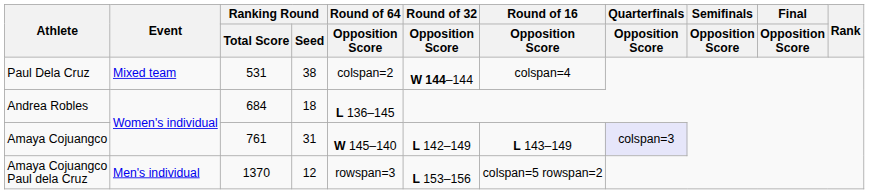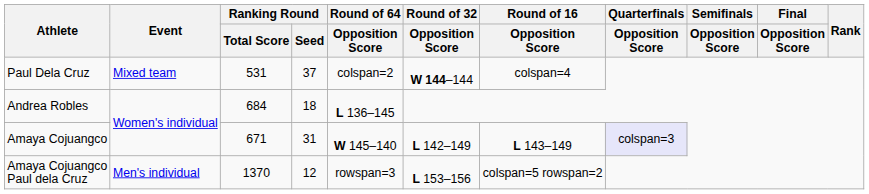 <table class="wikitable" style="font-size:90%; text-align:center">
 <tr>
 <th rowspan=2>Athlete</th>
 <th rowspan=2>Event</th>
 <th colspan=2>Ranking Round</th>
 <th>Round of 64</th>
 <th>Round of 32</th>
 <th>Round of 16</th>
 <th>Quarterfinals</th>
 <th>Semifinals</th>
 <th>Final</th>
 <th rowspan=2>Rank</th>
 </tr>
 <tr>
 <th>Total Score</th>
 <th>Seed</th>
 <th>Opposition<br>Score</th>
 <th>Opposition<br>Score</th>
 <th>Opposition<br>Score</th>
 <th>Opposition<br>Score</th>
 <th>Opposition<br>Score</th>
 <th>Opposition<br>Score</th>
 </tr>
 <tr>
 <td align=left>Paul Dela Cruz</td>
 <td align=left><a href='#'>Mixed team</a></td>
 <td>531</td>
-<td>38</td>
+<td>37</td>
 <td>colspan=2 </td>
 <td><br><strong>W</strong> <strong>144</strong>–144</td>
 <td>colspan=4 </td>
 </tr>
 <tr>
 <td align=left>Andrea Robles</td>
 <td rowspan=2 align=left><a href='#'>Women's individual</a></td>
 <td>684</td>
 <td>18</td>
 <td><br><strong>L</strong> 136–145</td>
 </tr>
 <tr>
 <td align=left>Amaya Cojuangco</td>
-<td>761</td>
+<td>671</td>
 <td>31</td>
 <td><br><strong>W</strong> 145–140</td>
 <td><br><strong>L</strong> 142–149</td>
 <td><br><strong>L</strong> 143–149</td>
 <td style="background: lavender;">colspan=3 </td>
 </tr>
 <tr>
 <td align=left>Amaya Cojuangco<br>Paul dela Cruz</td>
 <td align=left><a href='#'>Men's individual</a></td>
 <td>1370</td>
 <td>12</td>
 <td>rowspan=3 </td>
 <td><br><strong>L</strong> 153–156</td>
 <td>colspan=5 rowspan=2 </td>
 </tr>
 </table>
